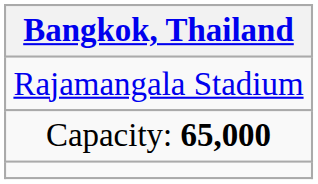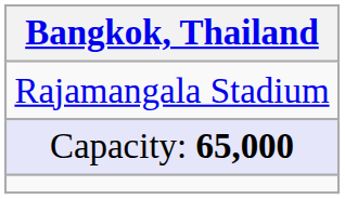 <table class="wikitable" style="text-align:center;margin:1em auto;">
 <tr>
 <th><a href='#'>Bangkok, Thailand</a></th>
 </tr>
 <tr>
 <td><a href='#'>Rajamangala Stadium</a></td>
 </tr>
 <tr>
-<td>Capacity: <strong>65,000</strong></td>
+<td style="background: lavender;">Capacity: <strong>65,000</strong></td>
 </tr>
 <tr>
 <td></td>
 </tr>
 </table>
